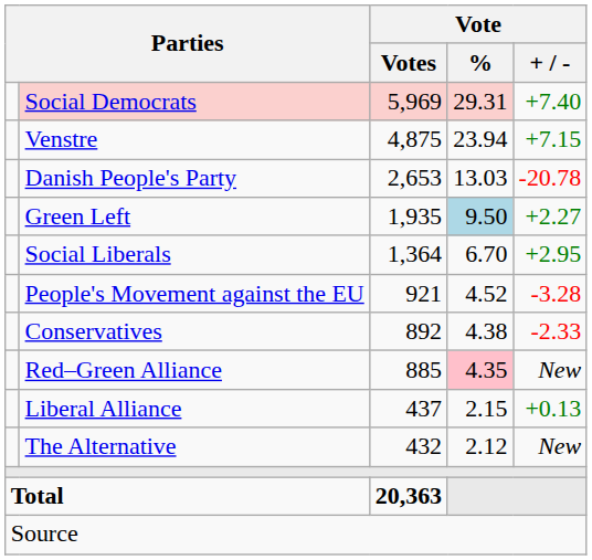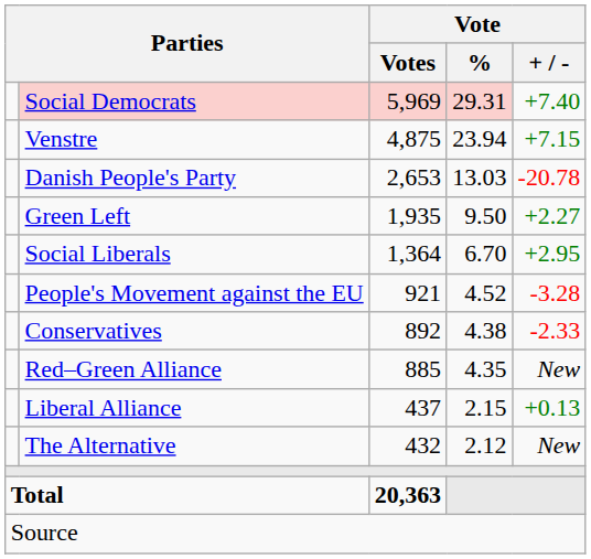 <table class="wikitable" style="text-align:right;">
 <tr>
 <th style="text-align:centre;" rowspan="2" colspan="2" width="225">Parties</th>
 <th colspan="3">Vote</th>
 </tr>
 <tr>
 <th width="15">Votes</th>
 <th width="15">%</th>
 <th width="15">+ / -</th>
 </tr>
 <tr>
 <td width="2" style="color:inherit;background:"></td>
 <td bgcolor=#fbd0ce   align="left"><a href='#'>Social Democrats</a></td>
 <td bgcolor=#fbd0ce>5,969</td>
 <td bgcolor=#fbd0ce>29.31</td>
 <td style=color:green;>+7.40</td>
 </tr>
 <tr>
 <td width="2" style="color:inherit;background:"></td>
 <td align="left"><a href='#'>Venstre</a></td>
 <td>4,875</td>
 <td>23.94</td>
 <td style=color:green;>+7.15</td>
 </tr>
 <tr>
 <td width="2" style="color:inherit;background:"></td>
 <td align="left"><a href='#'>Danish People's Party</a></td>
 <td>2,653</td>
 <td>13.03</td>
 <td style=color:red;>-20.78</td>
 </tr>
 <tr>
 <td width="2" style="color:inherit;background:"></td>
 <td align="left"><a href='#'>Green Left</a></td>
 <td>1,935</td>
-<td style="background: lightblue;">9.50</td>
+<td>9.50</td>
 <td style=color:green;>+2.27</td>
 </tr>
 <tr>
 <td width="2" style="color:inherit;background:"></td>
 <td align="left"><a href='#'>Social Liberals</a></td>
 <td>1,364</td>
 <td>6.70</td>
 <td style=color:green;>+2.95</td>
 </tr>
 <tr>
 <td width="2" style="color:inherit;background:"></td>
 <td align="left"><a href='#'>People's Movement against the EU</a></td>
 <td>921</td>
 <td>4.52</td>
 <td style=color:red;>-3.28</td>
 </tr>
 <tr>
 <td width="2" style="color:inherit;background:"></td>
 <td align="left"><a href='#'>Conservatives</a></td>
 <td>892</td>
 <td>4.38</td>
 <td style=color:red;>-2.33</td>
 </tr>
 <tr>
 <td width="2" style="color:inherit;background:"></td>
 <td align="left"><a href='#'>Red–Green Alliance</a></td>
 <td>885</td>
-<td style="background: pink;">4.35</td>
+<td>4.35</td>
 <td><em>New</em></td>
 </tr>
 <tr>
 <td width="2" style="color:inherit;background:"></td>
 <td align="left"><a href='#'>Liberal Alliance</a></td>
 <td>437</td>
 <td>2.15</td>
 <td style=color:green;>+0.13</td>
 </tr>
 <tr>
 <td width="2" style="color:inherit;background:"></td>
 <td align="left"><a href='#'>The Alternative</a></td>
 <td>432</td>
 <td>2.12</td>
 <td><em>New</em></td>
 </tr>
 <tr>
 <td colspan="7" bgcolor="#E9E9E9"></td>
 </tr>
 <tr>
 <td align="left" colspan="2"><strong>Total</strong></td>
 <td><strong>20,363</strong></td>
 <td bgcolor="#E9E9E9" colspan="2"></td>
 </tr>
 <tr>
 <td align="left" colspan="6">Source</td>
 </tr>
 </table>
